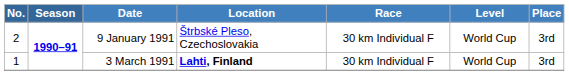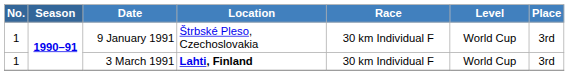 <table class="wikitable sortable" style="font-size:95%; text-align:center; border:grey solid 1px; border-collapse:collapse; background:#ffffff;">
 <tr style="background:#efefef;">
 <th style="background-color:#369; color:white;">No.</th>
 <th style="background-color:#369; color:white;">Season</th>
 <th style="background-color:#4180be; color:white; width:120px;">Date</th>
 <th style="background-color:#4180be; color:white; width:195px;">Location</th>
 <th style="background-color:#4180be; color:white; width:160px;">Race</th>
 <th style="background-color:#4180be; color:white; width:100px;">Level</th>
 <th style="background-color:#4180be; color:white;">Place</th>
 </tr>
 <tr>
-<td align=center>2</td>
+<td align=center>1</td>
 <td rowspan=2 align=center><strong> <a href='#'>1990–91</a> </strong></td>
 <td align=right>9 January 1991</td>
 <td align=left> <a href='#'>Štrbské Pleso</a>, Czechoslovakia</td>
 <td>30 km Individual F</td>
 <td>World Cup</td>
 <td>3rd</td>
 </tr>
 <tr>
 <td align=center>1</td>
 <td align=right>3 March 1991</td>
 <td align=left><strong> <a href='#'>Lahti</a>, Finland</strong></td>
 <td>30 km Individual F</td>
 <td>World Cup</td>
 <td>3rd</td>
 </tr>
 <tr>
 </tr>
 </table>
